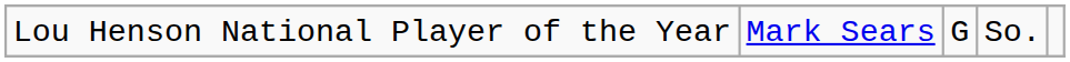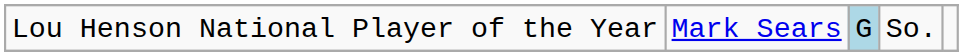 <table class="wikitable" border="1">
 <tr>
 </tr>
 <tr>
 <td>Lou Henson National Player of the Year</td>
 <td><a href='#'>Mark Sears</a></td>
-<td>G</td>
+<td style="background: lightblue;">G</td>
 <td>So.</td>
 <td></td>
 </tr>
 <tr>
 </tr>
 </table>
